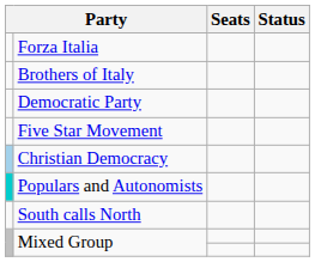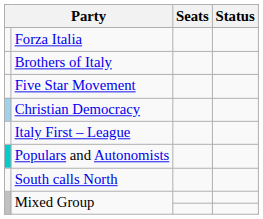 <table class=wikitable>
 <tr>
 <th colspan=2>Party</th>
 <th>Seats</th>
 <th>Status</th>
 </tr>
 <tr>
 <td></td>
 <td><a href='#'>Forza Italia</a></td>
 <td></td>
 <td></td>
 </tr>
 <tr>
 <td></td>
 <td><a href='#'>Brothers of Italy</a></td>
 <td></td>
 <td></td>
 </tr>
 <tr>
 <td></td>
-<td><a href='#'>Democratic Party</a></td>
-<td></td>
-<td></td>
-</tr>
-<tr>
-<td></td>
 <td><a href='#'>Five Star Movement</a></td>
 <td></td>
 <td></td>
 </tr>
 <tr>
 <td bgcolor="#A2D1EB"></td>
 <td><a href='#'>Christian Democracy</a></td>
+<td></td>
+<td></td>
+</tr>
+<tr>
+<td></td>
+<td><a href='#'>Italy First – League</a></td>
 <td></td>
 <td></td>
 </tr>
 <tr>
 <td bgcolor="#00CCCC"></td>
 <td><a href='#'>Populars</a> and <a href='#'>Autonomists</a></td>
 <td></td>
 <td></td>
 </tr>
 <tr>
 <td></td>
 <td><a href='#'>South calls North</a></td>
 <td></td>
 <td></td>
 </tr>
 <tr>
 <td rowspan=2 bgcolor="#C0C0C0"></td>
 <td rowspan=2>Mixed Group</td>
 <td></td>
 <td></td>
 </tr>
 <tr>
 <td></td>
 <td></td>
 </tr>
 </table>
